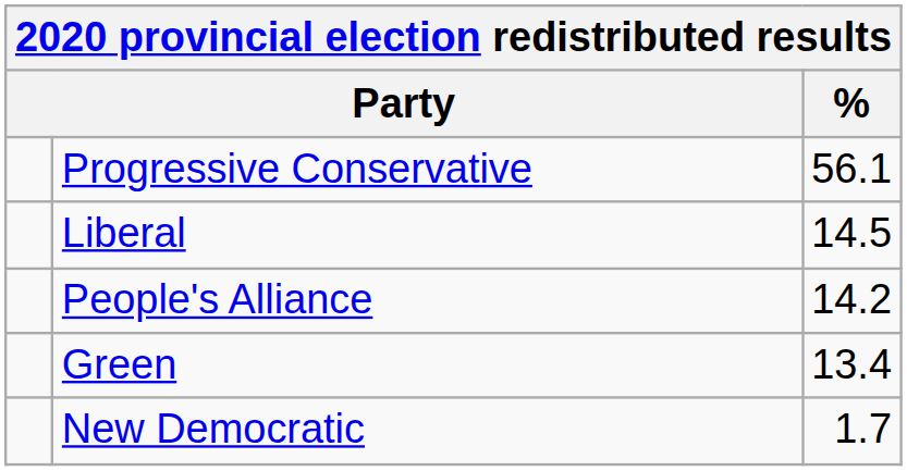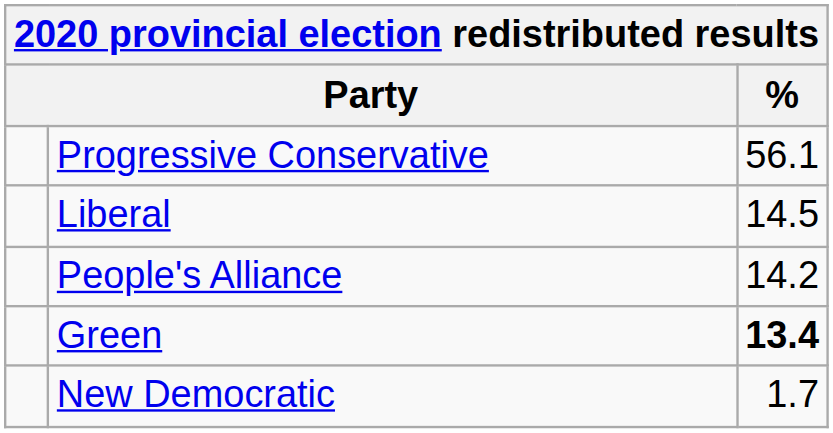 <table class="wikitable">
 <tr>
 <th colspan="4"><a href='#'>2020 provincial election</a> redistributed results</th>
 </tr>
 <tr>
 <th bgcolor="#DDDDFF" width="130px" colspan="2">Party</th>
 <th bgcolor="#DDDDFF" width="30px">%</th>
 </tr>
 <tr>
 <td> </td>
 <td><a href='#'>Progressive Conservative</a></td>
 <td align=right>56.1</td>
 </tr>
 <tr>
 <td> </td>
 <td><a href='#'>Liberal</a></td>
 <td align=right>14.5</td>
 </tr>
 <tr>
 <td> </td>
 <td><a href='#'>People's Alliance</a></td>
 <td align=right>14.2</td>
 </tr>
 <tr>
 <td> </td>
 <td><a href='#'>Green</a></td>
-<td align=right>13.4</td>
+<td align=right><strong>13.4</strong></td>
 </tr>
 <tr>
 <td> </td>
 <td><a href='#'>New Democratic</a></td>
 <td align=right>1.7</td>
 </tr>
 </table>
